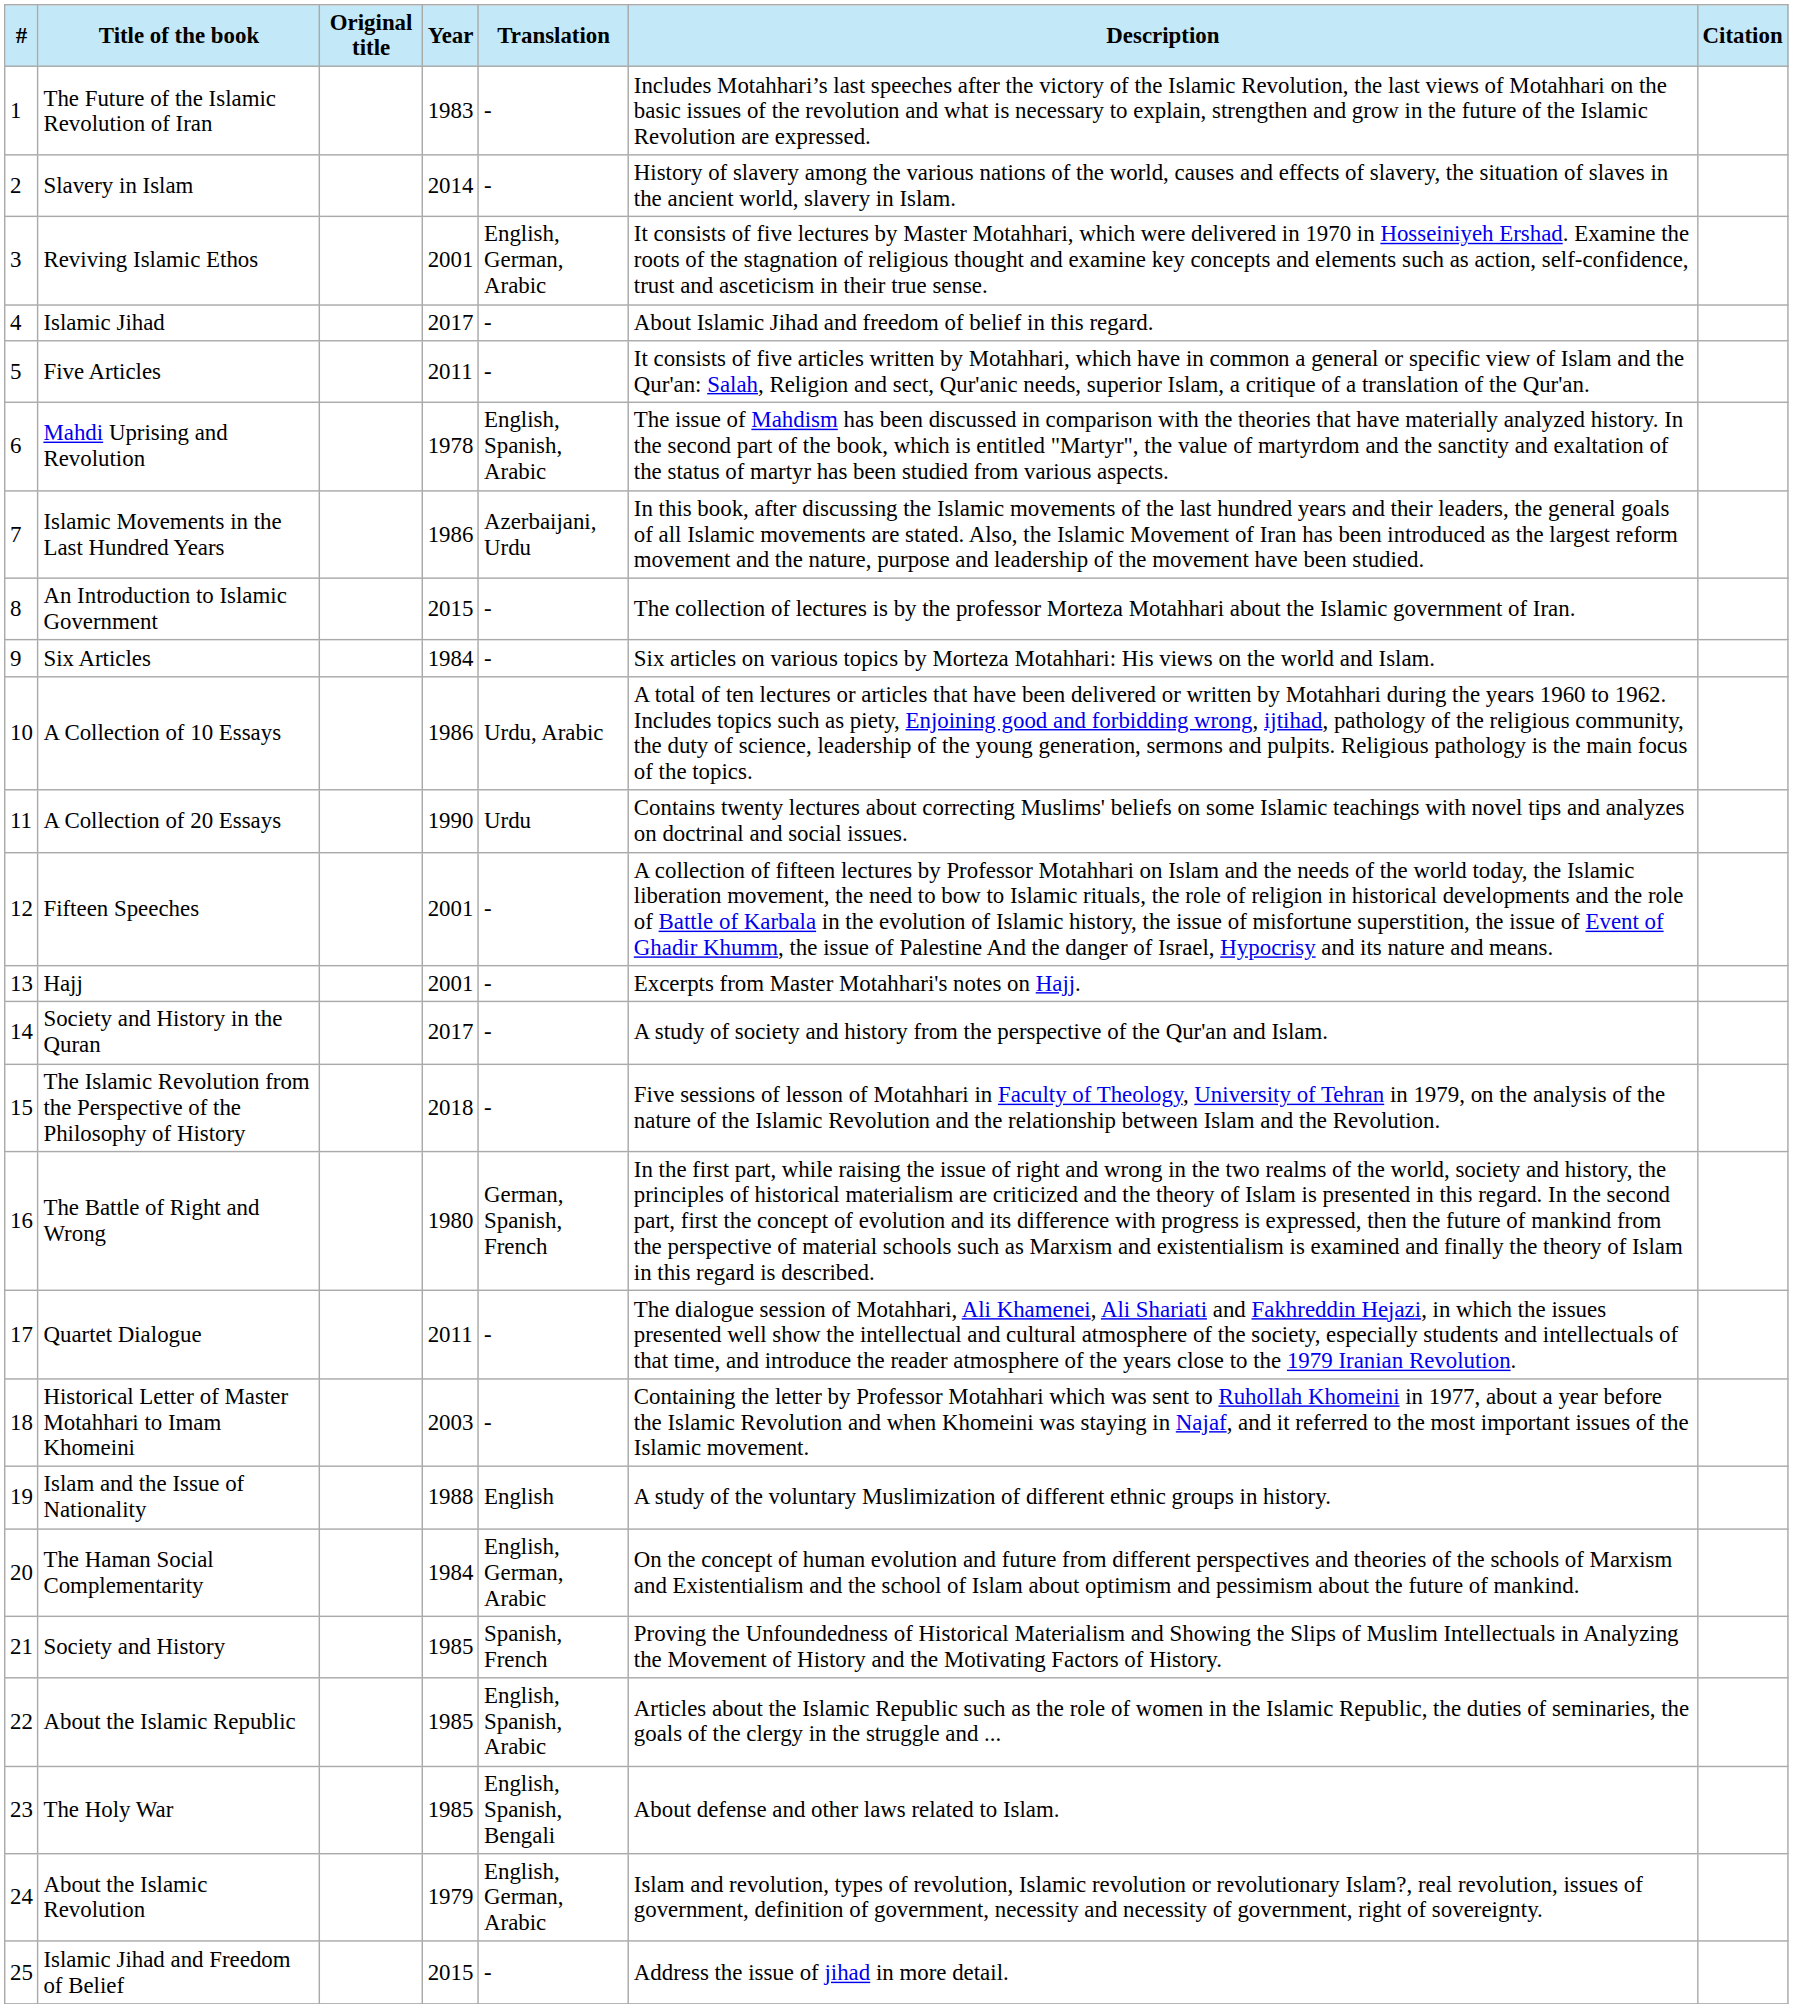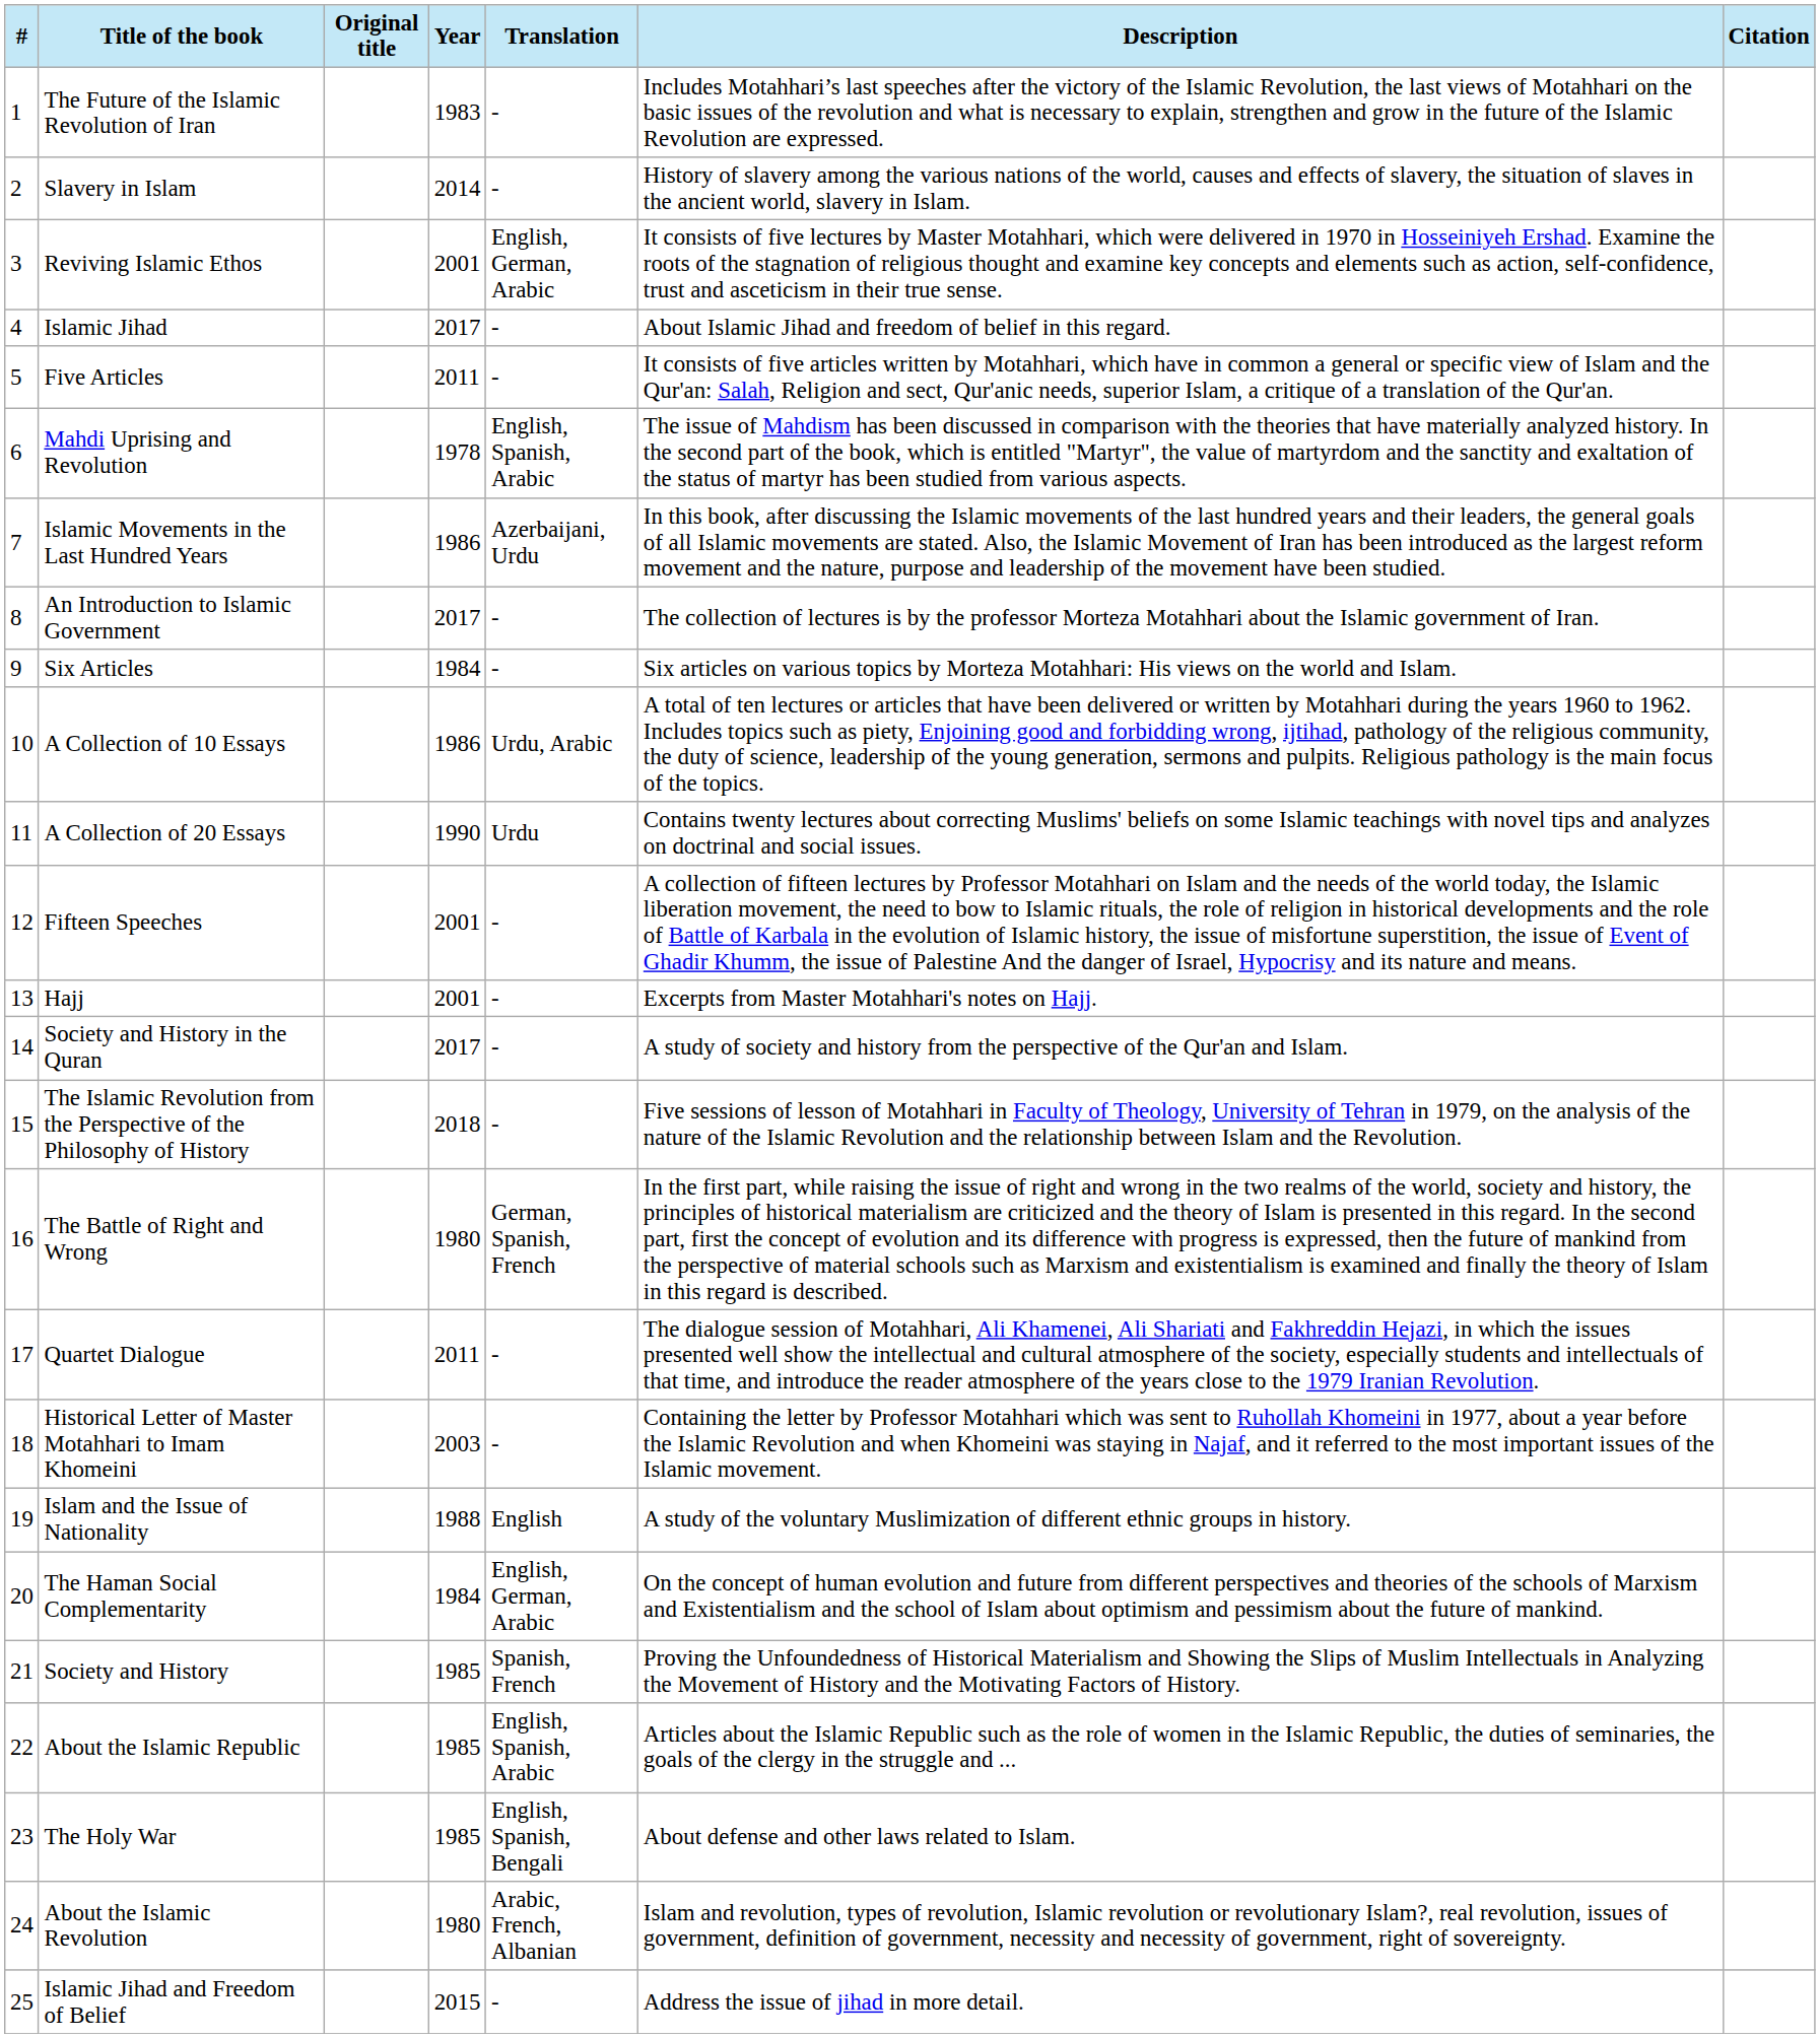 <table class="wikitable" style="background-color:#ffffff; color:#000000">
 <tr>
 <th style="background-color:#c3e8f7;">#</th>
 <th style="background-color:#c3e8f7;">Title of the book</th>
 <th style="background-color:#c3e8f7;">Original title</th>
 <th style="background-color:#c3e8f7;">Year</th>
 <th style="background-color:#c3e8f7;">Translation</th>
 <th style="background-color:#c3e8f7;">Description</th>
 <th style="background-color:#c3e8f7;">Citation</th>
 </tr>
 <tr>
 <td>1</td>
 <td>The Future of the Islamic Revolution of Iran</td>
 <td></td>
 <td>1983</td>
 <td>-</td>
 <td>Includes Motahhari’s last speeches after the victory of the Islamic Revolution, the last views of Motahhari on the basic issues of the revolution and what is necessary to explain, strengthen and grow in the future of the Islamic Revolution are expressed.</td>
 <td></td>
 </tr>
 <tr>
 <td>2</td>
 <td>Slavery in Islam</td>
 <td></td>
 <td>2014</td>
 <td>-</td>
 <td>History of slavery among the various nations of the world, causes and effects of slavery, the situation of slaves in the ancient world, slavery in Islam.</td>
 <td></td>
 </tr>
 <tr>
 <td>3</td>
 <td>Reviving Islamic Ethos</td>
 <td></td>
 <td>2001</td>
 <td>English, German, Arabic</td>
 <td>It consists of five lectures by Master Motahhari, which were delivered in 1970 in <a href='#'>Hosseiniyeh Ershad</a>. Examine the roots of the stagnation of religious thought and examine key concepts and elements such as action, self-confidence, trust and asceticism in their true sense.</td>
 <td></td>
 </tr>
 <tr>
 <td>4</td>
 <td>Islamic Jihad</td>
 <td></td>
 <td>2017</td>
 <td>-</td>
 <td>About Islamic Jihad and freedom of belief in this regard.</td>
 <td></td>
 </tr>
 <tr>
 <td>5</td>
 <td>Five Articles</td>
 <td></td>
 <td>2011</td>
 <td>-</td>
 <td>It consists of five articles written by Motahhari, which have in common a general or specific view of Islam and the Qur'an: <a href='#'>Salah</a>, Religion and sect, Qur'anic needs, superior Islam, a critique of a translation of the Qur'an.</td>
 <td></td>
 </tr>
 <tr>
 <td>6</td>
 <td><a href='#'>Mahdi</a> Uprising and Revolution</td>
 <td></td>
 <td>1978</td>
 <td>English, Spanish, Arabic</td>
 <td>The issue of <a href='#'>Mahdism</a> has been discussed in comparison with the theories that have materially analyzed history. In the second part of the book, which is entitled "Martyr", the value of martyrdom and the sanctity and exaltation of the status of martyr has been studied from various aspects.</td>
 <td></td>
 </tr>
 <tr>
 <td>7</td>
 <td>Islamic Movements in the Last Hundred Years</td>
 <td></td>
 <td>1986</td>
 <td>Azerbaijani, Urdu</td>
 <td>In this book, after discussing the Islamic movements of the last hundred years and their leaders, the general goals of all Islamic movements are stated. Also, the Islamic Movement of Iran has been introduced as the largest reform movement and the nature, purpose and leadership of the movement have been studied.</td>
 <td></td>
 </tr>
 <tr>
 <td>8</td>
 <td>An Introduction to Islamic Government</td>
 <td></td>
-<td>2015</td>
+<td>2017</td>
 <td>-</td>
 <td>The collection of lectures is by the professor Morteza Motahhari about the Islamic government of Iran.</td>
 <td></td>
 </tr>
 <tr>
 <td>9</td>
 <td>Six Articles</td>
 <td></td>
 <td>1984</td>
 <td>-</td>
 <td>Six articles on various topics by Morteza Motahhari: His views on the world and Islam.</td>
 <td></td>
 </tr>
 <tr>
 <td>10</td>
 <td>A Collection of 10 Essays</td>
 <td></td>
 <td>1986</td>
 <td>Urdu, Arabic</td>
 <td>A total of ten lectures or articles that have been delivered or written by Motahhari during the years 1960 to 1962. Includes topics such as piety, <a href='#'>Enjoining good and forbidding wrong</a>, <a href='#'>ijtihad</a>, pathology of the religious community, the duty of science, leadership of the young generation, sermons and pulpits. Religious pathology is the main focus of the topics.</td>
 <td></td>
 </tr>
 <tr>
 <td>11</td>
 <td>A Collection of 20 Essays</td>
 <td></td>
 <td>1990</td>
 <td>Urdu</td>
 <td>Contains twenty lectures about correcting Muslims' beliefs on some Islamic teachings with novel tips and analyzes on doctrinal and social issues.</td>
 <td></td>
 </tr>
 <tr>
 <td>12</td>
 <td>Fifteen Speeches</td>
 <td></td>
 <td>2001</td>
 <td>-</td>
 <td>A collection of fifteen lectures by Professor Motahhari on Islam and the needs of the world today, the Islamic liberation movement, the need to bow to Islamic rituals, the role of religion in historical developments and the role of <a href='#'>Battle of Karbala</a> in the evolution of Islamic history, the issue of misfortune superstition, the issue of <a href='#'>Event of Ghadir Khumm</a>, the issue of Palestine And the danger of Israel, <a href='#'>Hypocrisy</a> and its nature and means.</td>
 <td></td>
 </tr>
 <tr>
 <td>13</td>
 <td>Hajj</td>
 <td></td>
 <td>2001</td>
 <td>-</td>
 <td>Excerpts from Master Motahhari's notes on <a href='#'>Hajj</a>.</td>
 <td></td>
 </tr>
 <tr>
 <td>14</td>
 <td>Society and History in the Quran</td>
 <td></td>
 <td>2017</td>
 <td>-</td>
 <td>A study of society and history from the perspective of the Qur'an and Islam.</td>
 <td></td>
 </tr>
 <tr>
 <td>15</td>
 <td>The Islamic Revolution from the Perspective of the Philosophy of History</td>
 <td></td>
 <td>2018</td>
 <td>-</td>
 <td>Five sessions of lesson of Motahhari in <a href='#'>Faculty of Theology</a>, <a href='#'>University of Tehran</a> in 1979, on the analysis of the nature of the Islamic Revolution and the relationship between Islam and the Revolution.</td>
 <td></td>
 </tr>
 <tr>
 <td>16</td>
 <td>The Battle of Right and Wrong</td>
 <td></td>
 <td>1980</td>
 <td>German, Spanish, French</td>
 <td>In the first part, while raising the issue of right and wrong in the two realms of the world, society and history, the principles of historical materialism are criticized and the theory of Islam is presented in this regard. In the second part, first the concept of evolution and its difference with progress is expressed, then the future of mankind from the perspective of material schools such as Marxism and existentialism is examined and finally the theory of Islam in this regard is described.</td>
 <td></td>
 </tr>
 <tr>
 <td>17</td>
 <td>Quartet Dialogue</td>
 <td></td>
 <td>2011</td>
 <td>-</td>
 <td>The dialogue session of Motahhari, <a href='#'>Ali Khamenei</a>, <a href='#'>Ali Shariati</a> and <a href='#'>Fakhreddin Hejazi</a>, in which the issues presented well show the intellectual and cultural atmosphere of the society, especially students and intellectuals of that time, and introduce the reader atmosphere of the years close to the <a href='#'>1979 Iranian Revolution</a>.</td>
 <td></td>
 </tr>
 <tr>
 <td>18</td>
 <td>Historical Letter of Master Motahhari to Imam Khomeini</td>
 <td></td>
 <td>2003</td>
 <td>-</td>
 <td>Containing the letter by Professor Motahhari which was sent to <a href='#'>Ruhollah Khomeini</a> in 1977, about a year before the Islamic Revolution and when Khomeini was staying in <a href='#'>Najaf</a>, and it referred to the most important issues of the Islamic movement.</td>
 <td></td>
 </tr>
 <tr>
 <td>19</td>
 <td>Islam and the Issue of Nationality</td>
 <td></td>
 <td>1988</td>
 <td>English</td>
 <td>A study of the voluntary Muslimization of different ethnic groups in history.</td>
 <td></td>
 </tr>
 <tr>
 <td>20</td>
 <td>The Haman Social Complementarity</td>
 <td></td>
 <td>1984</td>
 <td>English, German, Arabic</td>
 <td>On the concept of human evolution and future from different perspectives and theories of the schools of Marxism and Existentialism and the school of Islam about optimism and pessimism about the future of mankind.</td>
 <td></td>
 </tr>
 <tr>
 <td>21</td>
 <td>Society and History</td>
 <td></td>
 <td>1985</td>
 <td>Spanish, French</td>
 <td>Proving the Unfoundedness of Historical Materialism and Showing the Slips of Muslim Intellectuals in Analyzing the Movement of History and the Motivating Factors of History.</td>
 <td></td>
 </tr>
 <tr>
 <td>22</td>
 <td>About the Islamic Republic</td>
 <td></td>
 <td>1985</td>
 <td>English, Spanish, Arabic</td>
 <td>Articles about the Islamic Republic such as the role of women in the Islamic Republic, the duties of seminaries, the goals of the clergy in the struggle and ...</td>
 <td></td>
 </tr>
 <tr>
 <td>23</td>
 <td>The Holy War</td>
 <td></td>
 <td>1985</td>
 <td>English, Spanish, Bengali</td>
 <td>About defense and other laws related to Islam.</td>
 <td></td>
 </tr>
 <tr>
 <td>24</td>
 <td>About the Islamic Revolution</td>
 <td></td>
-<td>1979</td>
-<td>English, German, Arabic</td>
+<td>1980</td>
+<td>Arabic, French, Albanian</td>
 <td>Islam and revolution, types of revolution, Islamic revolution or revolutionary Islam?, real revolution, issues of government, definition of government, necessity and necessity of government, right of sovereignty.</td>
 <td></td>
 </tr>
 <tr>
 <td>25</td>
 <td>Islamic Jihad and Freedom of Belief</td>
 <td></td>
 <td>2015</td>
 <td>-</td>
 <td>Address the issue of <a href='#'>jihad</a> in more detail.</td>
 <td></td>
 </tr>
 </table>
